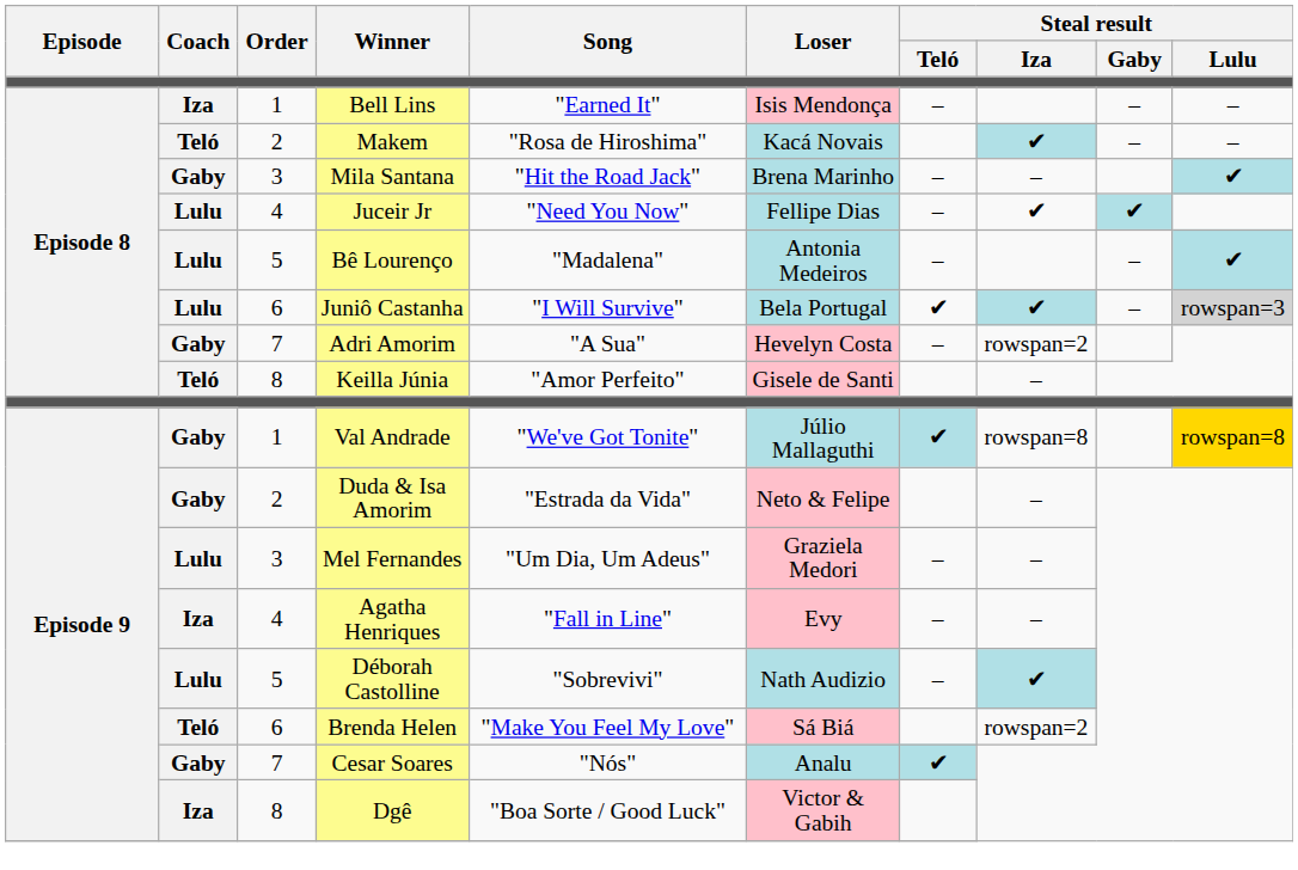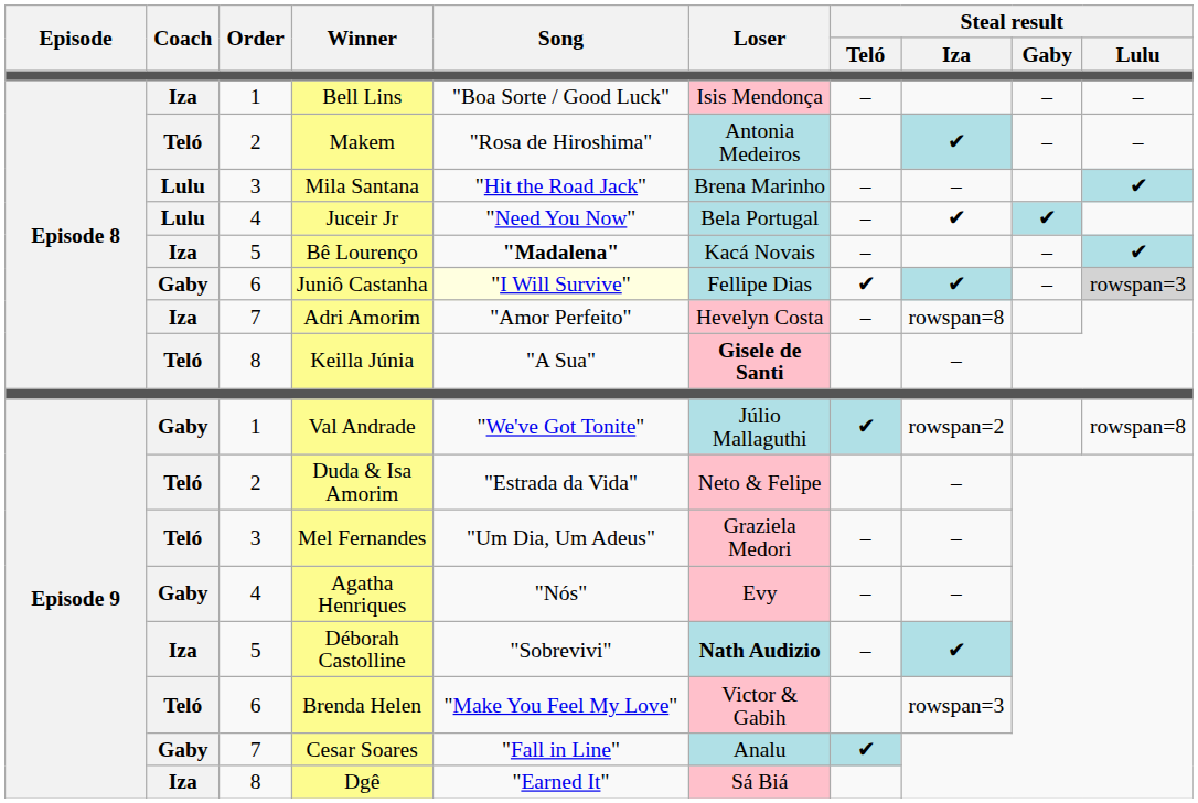 <table class="wikitable" style="text-align:center; line-height:17px; width:100%;">
 <tr>
 <th scope="col" rowspan=2 width="11%">Episode</th>
 <th scope="col" rowspan=2 width="05%">Coach</th>
 <th scope="col" rowspan=2 width="05%">Order</th>
 <th scope="col" rowspan=2 width="11%">Winner</th>
 <th scope="col" rowspan=2 width="20%">Song</th>
 <th scope="col" rowspan=2 width="11%">Loser</th>
 <th scope="col" colspan=4 width="22%">Steal result</th>
 </tr>
 <tr>
 <th width="5.5%">Teló</th>
 <th width="5.5%">Iza</th>
 <th width="5.5%">Gaby</th>
 <th width="5.5%">Lulu</th>
 </tr>
 <tr>
 <td colspan=10 bgcolor="555555"></td>
 </tr>
 <tr>
 <th rowspan=8>Episode 8<br></th>
 <th>Iza</th>
 <td>1</td>
 <td bgcolor=FDFC8F>Bell Lins</td>
-<td>"<a href='#'>Earned It</a>"</td>
+<td>"Boa Sorte / Good Luck"</td>
 <td bgcolor=FFC0CB>Isis Mendonça</td>
 <td>–</td>
 <td></td>
 <td>–</td>
 <td>–</td>
 </tr>
 <tr>
 <th>Teló</th>
 <td>2</td>
 <td bgcolor=FDFC8F>Makem</td>
 <td>"Rosa de Hiroshima"</td>
-<td bgcolor=B0E0E6>Kacá Novais</td>
+<td bgcolor=B0E0E6>Antonia Medeiros</td>
 <td></td>
 <td bgcolor=B0E0E6>✔</td>
 <td>–</td>
 <td>–</td>
 </tr>
 <tr>
-<th>Gaby</th>
+<th>Lulu</th>
 <td>3</td>
 <td bgcolor=FDFC8F>Mila Santana</td>
 <td>"<a href='#'>Hit the Road Jack</a>"</td>
 <td bgcolor=B0E0E6>Brena Marinho</td>
 <td>–</td>
 <td>–</td>
 <td></td>
 <td bgcolor=B0E0E6>✔</td>
 </tr>
 <tr>
 <th>Lulu</th>
 <td>4</td>
 <td bgcolor=FDFC8F>Juceir Jr</td>
 <td>"<a href='#'>Need You Now</a>"</td>
-<td bgcolor=B0E0E6>Fellipe Dias</td>
+<td bgcolor=B0E0E6>Bela Portugal</td>
 <td>–</td>
 <td>✔</td>
 <td bgcolor=B0E0E6>✔</td>
 <td></td>
 </tr>
 <tr>
-<th>Lulu</th>
+<th>Iza</th>
 <td>5</td>
 <td bgcolor=FDFC8F>Bê Lourenço</td>
-<td>"Madalena"</td>
-<td bgcolor=B0E0E6>Antonia Medeiros</td>
+<td><strong>"Madalena"</strong></td>
+<td bgcolor=B0E0E6>Kacá Novais</td>
 <td>–</td>
 <td></td>
 <td>–</td>
 <td bgcolor=B0E0E6>✔</td>
 </tr>
 <tr>
-<th>Lulu</th>
+<th>Gaby</th>
 <td>6</td>
 <td bgcolor=FDFC8F>Juniô Castanha</td>
-<td>"<a href='#'>I Will Survive</a>"</td>
-<td bgcolor=B0E0E6>Bela Portugal</td>
+<td style="background: lightyellow;">"<a href='#'>I Will Survive</a>"</td>
+<td bgcolor=B0E0E6>Fellipe Dias</td>
 <td>✔</td>
 <td bgcolor=B0E0E6>✔</td>
 <td>–</td>
 <td style="background: lightgrey;">rowspan=3 </td>
 </tr>
 <tr>
-<th>Gaby</th>
+<th>Iza</th>
 <td>7</td>
 <td bgcolor=FDFC8F>Adri Amorim</td>
-<td>"A Sua"</td>
+<td>"Amor Perfeito"</td>
 <td bgcolor=FFC0CB>Hevelyn Costa</td>
 <td>–</td>
-<td>rowspan=2 </td>
+<td>rowspan=8 </td>
 <td></td>
 </tr>
 <tr>
 <th>Teló</th>
 <td>8</td>
 <td bgcolor=FDFC8F>Keilla Júnia</td>
-<td>"Amor Perfeito"</td>
-<td bgcolor=FFC0CB>Gisele de Santi</td>
+<td>"A Sua"</td>
+<td bgcolor=FFC0CB><strong>Gisele de Santi</strong></td>
 <td></td>
 <td>–</td>
 </tr>
 <tr>
 <td colspan=10 bgcolor="555555"></td>
 </tr>
 <tr>
 <th rowspan=8>Episode 9<br></th>
 <th>Gaby</th>
 <td>1</td>
 <td bgcolor=FDFC8F>Val Andrade</td>
 <td>"<a href='#'>We've Got Tonite</a>"</td>
 <td bgcolor=B0E0E6>Júlio Mallaguthi</td>
 <td bgcolor=B0E0E6>✔</td>
+<td>rowspan=2 </td>
+<td></td>
 <td>rowspan=8 </td>
-<td></td>
-<td style="background: gold;">rowspan=8 </td>
 </tr>
 <tr>
-<th>Gaby</th>
+<th>Teló</th>
 <td>2</td>
 <td bgcolor=FDFC8F>Duda & Isa Amorim</td>
 <td>"Estrada da Vida"</td>
 <td bgcolor=FFC0CB>Neto & Felipe</td>
 <td></td>
 <td>–</td>
 </tr>
 <tr>
-<th>Lulu</th>
+<th>Teló</th>
 <td>3</td>
 <td bgcolor=FDFC8F>Mel Fernandes</td>
 <td>"Um Dia, Um Adeus"</td>
 <td bgcolor=FFC0CB>Graziela Medori</td>
 <td>–</td>
 <td>–</td>
 </tr>
 <tr>
-<th>Iza</th>
+<th>Gaby</th>
 <td>4</td>
 <td bgcolor=FDFC8F>Agatha Henriques</td>
-<td>"<a href='#'>Fall in Line</a>"</td>
+<td>"Nós"</td>
 <td bgcolor=FFC0CB>Evy</td>
 <td>–</td>
 <td>–</td>
 </tr>
 <tr>
-<th>Lulu</th>
+<th>Iza</th>
 <td>5</td>
 <td bgcolor=FDFC8F>Déborah Castolline</td>
 <td>"Sobrevivi"</td>
-<td bgcolor=B0E0E6>Nath Audizio</td>
+<td bgcolor=B0E0E6><strong>Nath Audizio</strong></td>
 <td>–</td>
 <td bgcolor=B0E0E6>✔</td>
 </tr>
 <tr>
 <th>Teló</th>
 <td>6</td>
 <td bgcolor=FDFC8F>Brenda Helen</td>
 <td>"<a href='#'>Make You Feel My Love</a>"</td>
-<td bgcolor=FFC0CB>Sá Biá</td>
+<td bgcolor=FFC0CB>Victor & Gabih</td>
 <td></td>
-<td>rowspan=2 </td>
+<td>rowspan=3 </td>
 </tr>
 <tr>
 <th>Gaby</th>
 <td>7</td>
 <td bgcolor=FDFC8F>Cesar Soares</td>
-<td>"Nós"</td>
+<td>"<a href='#'>Fall in Line</a>"</td>
 <td bgcolor=B0E0E6>Analu</td>
 <td bgcolor=B0E0E6>✔</td>
 </tr>
 <tr>
 <th>Iza</th>
 <td>8</td>
 <td bgcolor=FDFC8F>Dgê</td>
-<td>"Boa Sorte / Good Luck"</td>
-<td bgcolor=FFC0CB>Victor & Gabih</td>
+<td>"<a href='#'>Earned It</a>"</td>
+<td bgcolor=FFC0CB>Sá Biá</td>
 <td></td>
 </tr>
 <tr>
 </tr>
 </table>
